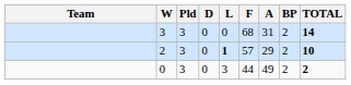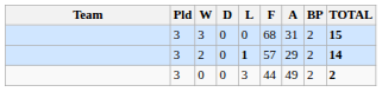 <table class="wikitable">
 <tr border=1 cellpadding=5 cellspacing=0>
 <th width="200">Team</th>
+<th width="20">Pld</th>
 <th width="20">W</th>
-<th width="20">Pld</th>
 <th width="20">D</th>
 <th width="20">L</th>
 <th width="20">F</th>
 <th width="20">A</th>
 <th width="20">BP</th>
 <th width="20">TOTAL</th>
 </tr>
 <tr style="background: #D0E6FF;">
 <td align=left></td>
 <td>3</td>
 <td>3</td>
 <td>0</td>
 <td>0</td>
 <td>68</td>
 <td>31</td>
 <td>2</td>
-<td><strong>14</strong></td>
+<td><strong>15</strong></td>
 </tr>
 <tr style="background: #D0E6FF;">
 <td align=left></td>
+<td>3</td>
 <td>2</td>
-<td>3</td>
 <td>0</td>
 <td><strong>1</strong></td>
 <td>57</td>
 <td>29</td>
 <td>2</td>
-<td><strong>10</strong></td>
+<td><strong>14</strong></td>
 </tr>
 <tr>
 <td align=left></td>
+<td>3</td>
 <td>0</td>
-<td>3</td>
 <td>0</td>
 <td>3</td>
 <td>44</td>
 <td>49</td>
 <td>2</td>
 <td><strong>2</strong></td>
 </tr>
 </table>
